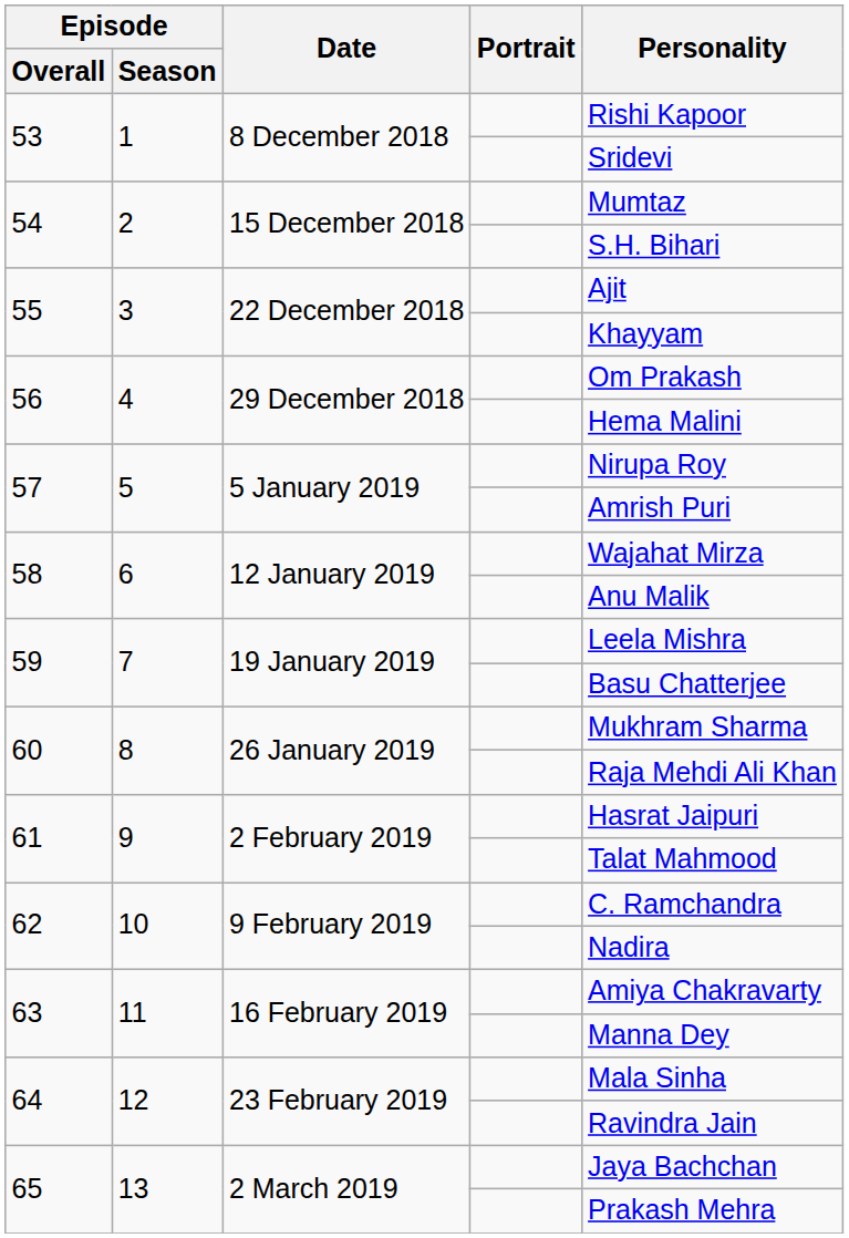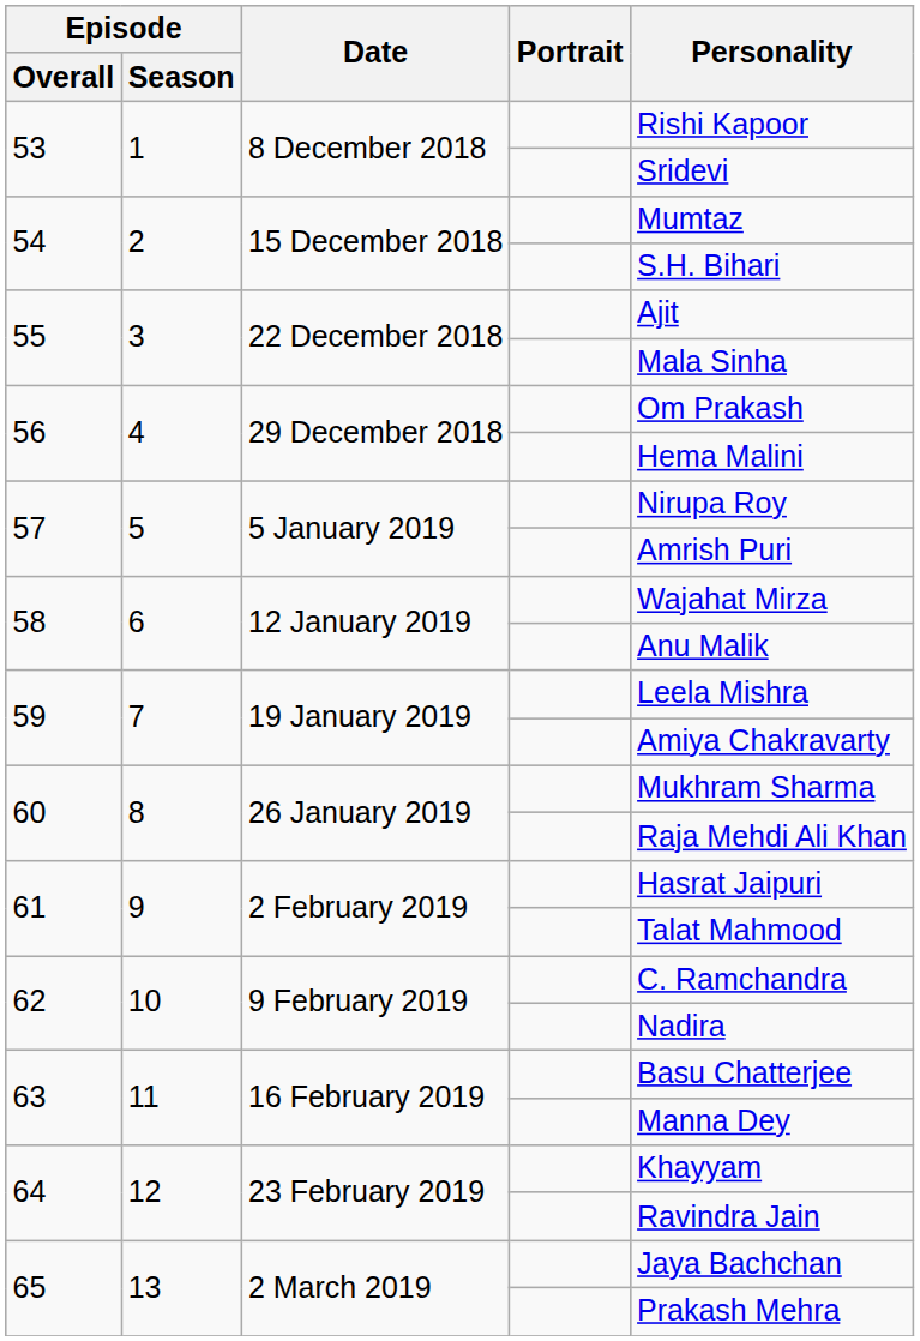 <table class="wikitable">
 <tr>
 <th colspan="2" scope="col">Episode</th>
 <th scope="col" rowspan="2">Date</th>
 <th scope="col" rowspan="2">Portrait</th>
 <th scope="col" rowspan="2">Personality</th>
 </tr>
 <tr>
 <th scope="col">Overall</th>
 <th scope="col">Season</th>
 </tr>
 <tr>
 <td rowspan=2>53</td>
 <td rowspan=2>1</td>
 <td rowspan=2>8 December 2018</td>
 <td></td>
 <td><a href='#'>Rishi Kapoor</a></td>
 </tr>
 <tr>
 <td scope=row></td>
 <td><a href='#'>Sridevi</a></td>
 </tr>
 <tr>
 <td rowspan=2>54</td>
 <td rowspan=2>2</td>
 <td rowspan=2>15 December 2018</td>
 <td></td>
 <td><a href='#'>Mumtaz</a></td>
 </tr>
 <tr>
 <td></td>
 <td><a href='#'>S.H. Bihari</a></td>
 </tr>
 <tr>
 <td rowspan=2>55</td>
 <td rowspan=2>3</td>
 <td rowspan=2>22 December 2018</td>
 <td></td>
 <td><a href='#'>Ajit</a></td>
 </tr>
 <tr>
 <td scope=row></td>
-<td><a href='#'>Khayyam</a></td>
+<td><a href='#'>Mala Sinha</a></td>
 </tr>
 <tr>
 <td rowspan=2>56</td>
 <td rowspan=2>4</td>
 <td rowspan=2>29 December 2018</td>
 <td></td>
 <td><a href='#'>Om Prakash</a></td>
 </tr>
 <tr>
 <td scope=row></td>
 <td><a href='#'>Hema Malini</a></td>
 </tr>
 <tr>
 <td rowspan=2>57</td>
 <td rowspan=2>5</td>
 <td rowspan=2>5 January 2019</td>
 <td></td>
 <td><a href='#'>Nirupa Roy</a></td>
 </tr>
 <tr>
 <td scope=row></td>
 <td><a href='#'>Amrish Puri</a></td>
 </tr>
 <tr>
 <td rowspan=2>58</td>
 <td rowspan=2>6</td>
 <td rowspan=2>12 January 2019</td>
 <td></td>
 <td><a href='#'>Wajahat Mirza</a></td>
 </tr>
 <tr>
 <td scope=row></td>
 <td><a href='#'>Anu Malik</a></td>
 </tr>
 <tr>
 <td rowspan=2>59</td>
 <td rowspan=2>7</td>
 <td rowspan=2>19 January 2019</td>
 <td></td>
 <td><a href='#'>Leela Mishra</a></td>
 </tr>
 <tr>
 <td scope=row></td>
-<td><a href='#'>Basu Chatterjee</a></td>
+<td><a href='#'>Amiya Chakravarty</a></td>
 </tr>
 <tr>
 <td rowspan=2>60</td>
 <td rowspan=2>8</td>
 <td rowspan=2>26 January 2019</td>
 <td></td>
 <td><a href='#'>Mukhram Sharma</a></td>
 </tr>
 <tr>
 <td></td>
 <td><a href='#'>Raja Mehdi Ali Khan</a></td>
 </tr>
 <tr>
 <td rowspan=2>61</td>
 <td rowspan=2>9</td>
 <td rowspan=2>2 February 2019</td>
 <td></td>
 <td><a href='#'>Hasrat Jaipuri</a></td>
 </tr>
 <tr>
 <td scope=row></td>
 <td><a href='#'>Talat Mahmood</a></td>
 </tr>
 <tr>
 <td rowspan=2>62</td>
 <td rowspan=2>10</td>
 <td rowspan=2>9 February 2019</td>
 <td></td>
 <td><a href='#'>C. Ramchandra</a></td>
 </tr>
 <tr>
 <td scope=row></td>
 <td><a href='#'>Nadira</a></td>
 </tr>
 <tr>
 <td rowspan=2>63</td>
 <td rowspan=2>11</td>
 <td rowspan=2>16 February 2019</td>
 <td scope=row></td>
-<td><a href='#'>Amiya Chakravarty</a></td>
+<td><a href='#'>Basu Chatterjee</a></td>
 </tr>
 <tr>
 <td scope=row></td>
 <td><a href='#'>Manna Dey</a></td>
 </tr>
 <tr>
 <td rowspan=2>64</td>
 <td rowspan=2>12</td>
 <td rowspan=2>23 February 2019</td>
 <td scope=row></td>
-<td><a href='#'>Mala Sinha</a></td>
+<td><a href='#'>Khayyam</a></td>
 </tr>
 <tr>
 <td scope=row></td>
 <td><a href='#'>Ravindra Jain</a></td>
 </tr>
 <tr>
 <td rowspan=2>65</td>
 <td rowspan=2>13</td>
 <td rowspan=2>2 March 2019</td>
 <td scope=row></td>
 <td><a href='#'>Jaya Bachchan</a></td>
 </tr>
 <tr>
 <td scope=row></td>
 <td><a href='#'>Prakash Mehra</a></td>
 </tr>
 </table>
